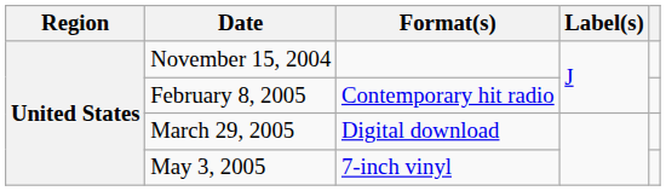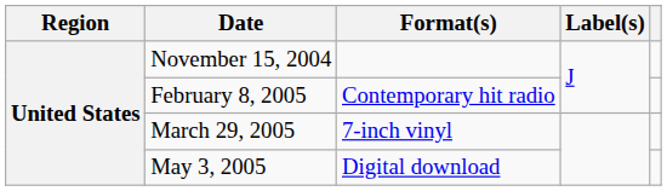 <table class="wikitable plainrowheaders">
 <tr>
 <th scope="col">Region</th>
 <th scope="col">Date</th>
 <th scope="col">Format(s)</th>
 <th scope="col">Label(s)</th>
 <th scope="col"></th>
 </tr>
 <tr>
 <th scope="row" rowspan="4">United States</th>
 <td>November 15, 2004</td>
 <td></td>
 <td rowspan="2"><a href='#'>J</a></td>
 <td></td>
 </tr>
 <tr>
 <td>February 8, 2005</td>
 <td><a href='#'>Contemporary hit radio</a></td>
 <td></td>
 </tr>
 <tr>
 <td>March 29, 2005</td>
-<td><a href='#'>Digital download</a> </td>
+<td><a href='#'>7-inch vinyl</a></td>
 <td rowspan="2"></td>
 <td></td>
 </tr>
 <tr>
 <td>May 3, 2005</td>
-<td><a href='#'>7-inch vinyl</a></td>
+<td><a href='#'>Digital download</a> </td>
 <td></td>
 </tr>
 </table>
